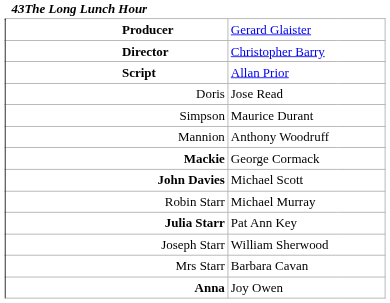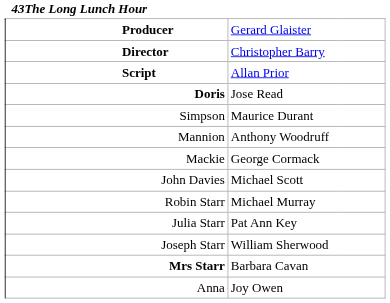 <table class="wikitable mw-collapsible mw-collapsed" style="vertical-align:top;margin:auto 2em;line-height:1.2;min-width:33em;display: inline-table;background-color:inherit;border:none;">
 <tr>
 <td class=unsortable style="border:hidden;line-height:1.67;text-align:center;margin-left:-1em;padding-left:0.5em;min-width:1.0em;"></td>
 <td class=unsortable style="border:none;padding-left:0.5em;text-align:left;min-width:16.5em;font-weight:700;font-style:italic;">43The Long Lunch Hour</td>
 <td class=unsortable style="border:none;text-align:right;font-weight:normal;font-family:Courier;font-size:95%;letter-spacing:-1pt;min-width:8.5em;padding-right:0.2em;"></td>
 <td class=unsortable style="border:hidden;min-width:3.5em;padding-left:0;"></td>
 <td class=unsortable style="border:hidden;min-width:3.5em;font-size:95%;"></td>
 </tr>
 <tr>
 <td rowspan=100 style="border:none thin;border-right-style :solid;"></td>
 </tr>
 <tr>
 <td style="text-align:left;padding-left:9.0em;font-weight:bold;">Producer</td>
 <td colspan=2><a href='#'>Gerard Glaister</a></td>
 </tr>
 <tr>
 <td style="text-align:left;padding-left:9.0em;font-weight:bold;">Director</td>
 <td colspan=2><a href='#'>Christopher Barry</a></td>
 </tr>
 <tr>
 <td style="text-align:left;padding-left:9.0em;font-weight:bold;">Script</td>
 <td colspan=2><a href='#'>Allan Prior</a></td>
 </tr>
 <tr>
-<td style="text-align:right;">Doris</td>
+<td style="text-align:right;"><strong>Doris</strong></td>
 <td colspan=2>Jose Read</td>
 </tr>
 <tr>
 <td style="text-align:right;">Simpson</td>
 <td colspan=2>Maurice Durant</td>
 </tr>
 <tr>
 <td style="text-align:right;">Mannion</td>
 <td colspan=2>Anthony Woodruff</td>
 </tr>
 <tr>
-<td style="text-align:right;"><strong>Mackie</strong></td>
+<td style="text-align:right;">Mackie</td>
 <td colspan=2>George Cormack</td>
 </tr>
 <tr>
-<td style="text-align:right;"><strong>John Davies</strong></td>
+<td style="text-align:right;">John Davies</td>
 <td colspan=2>Michael Scott</td>
 </tr>
 <tr>
 <td style="text-align:right;">Robin Starr</td>
 <td colspan=2>Michael Murray</td>
 </tr>
 <tr>
-<td style="text-align:right;"><strong>Julia Starr</strong></td>
+<td style="text-align:right;">Julia Starr</td>
 <td colspan=2>Pat Ann Key</td>
 </tr>
 <tr>
 <td style="text-align:right;">Joseph Starr</td>
 <td colspan=2>William Sherwood</td>
 </tr>
 <tr>
-<td style="text-align:right;">Mrs Starr</td>
+<td style="text-align:right;"><strong>Mrs Starr</strong></td>
 <td colspan=2>Barbara Cavan</td>
 </tr>
 <tr>
-<td style="text-align:right;"><strong>Anna</strong></td>
+<td style="text-align:right;">Anna</td>
 <td colspan=2>Joy Owen</td>
 </tr>
 </table>
